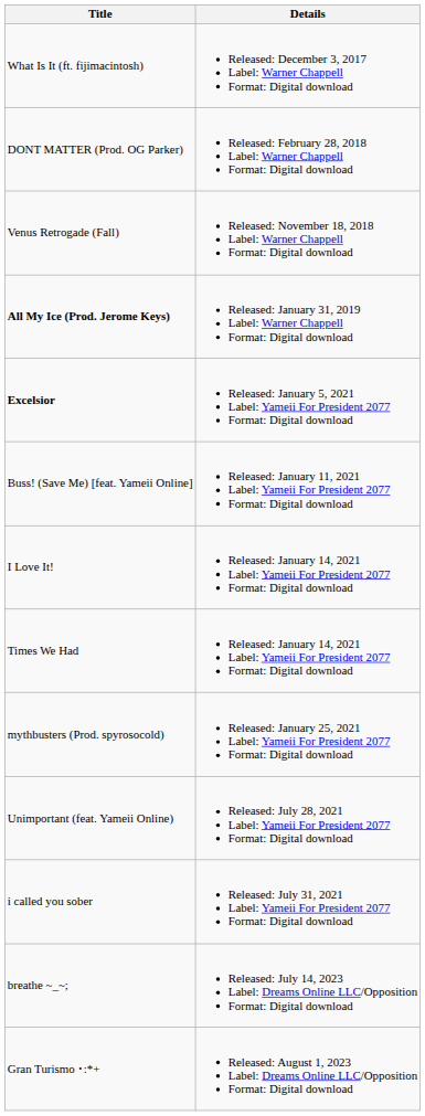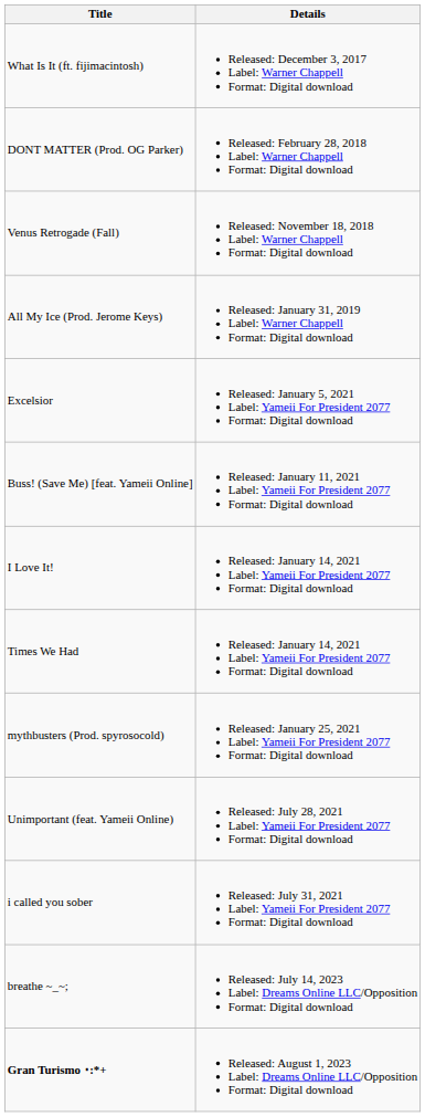 <table class="wikitable">
 <tr>
 <th>Title</th>
 <th>Details</th>
 </tr>
 <tr>
 <td>What Is It (ft. fijimacintosh)</td>
 <td><br><ul><li>Released: December 3, 2017</li><li>Label: <a href='#'>Warner Chappell</a></li><li>Format: Digital download</li></ul></td>
 </tr>
 <tr>
 <td>DONT MATTER (Prod. OG Parker)</td>
 <td><br><ul><li>Released: February 28, 2018</li><li>Label: <a href='#'>Warner Chappell</a></li><li>Format: Digital download</li></ul></td>
 </tr>
 <tr>
 <td>Venus Retrogade (Fall)</td>
 <td><br><ul><li>Released: November 18, 2018</li><li>Label: <a href='#'>Warner Chappell</a></li><li>Format: Digital download</li></ul></td>
 </tr>
 <tr>
-<td><strong>All My Ice (Prod. Jerome Keys)</strong></td>
+<td>All My Ice (Prod. Jerome Keys)</td>
 <td><br><ul><li>Released: January 31, 2019</li><li>Label: <a href='#'>Warner Chappell</a></li><li>Format: Digital download</li></ul></td>
 </tr>
 <tr>
-<td><strong>Excelsior</strong></td>
+<td>Excelsior</td>
 <td><br><ul><li>Released: January 5, 2021</li><li>Label: <a href='#'>Yameii For President 2077</a></li><li>Format: Digital download</li></ul></td>
 </tr>
 <tr>
 <td>Buss! (Save Me) [feat. Yameii Online]</td>
 <td><br><ul><li>Released: January 11, 2021</li><li>Label: <a href='#'>Yameii For President 2077</a></li><li>Format: Digital download</li></ul></td>
 </tr>
 <tr>
 <td>I Love It!</td>
 <td><br><ul><li>Released: January 14, 2021</li><li>Label: <a href='#'>Yameii For President 2077</a></li><li>Format: Digital download</li></ul></td>
 </tr>
 <tr>
 <td>Times We Had</td>
 <td><br><ul><li>Released: January 14, 2021</li><li>Label: <a href='#'>Yameii For President 2077</a></li><li>Format: Digital download</li></ul></td>
 </tr>
 <tr>
 <td>mythbusters (Prod. spyrosocold)</td>
 <td><br><ul><li>Released: January 25, 2021</li><li>Label: <a href='#'>Yameii For President 2077</a></li><li>Format: Digital download</li></ul></td>
 </tr>
 <tr>
 <td>Unimportant (feat. Yameii Online)</td>
 <td><br><ul><li>Released: July 28, 2021</li><li>Label: <a href='#'>Yameii For President 2077</a></li><li>Format: Digital download</li></ul></td>
 </tr>
 <tr>
 <td>i called you sober</td>
 <td><br><ul><li>Released: July 31, 2021</li><li>Label: <a href='#'>Yameii For President 2077</a></li><li>Format: Digital download</li></ul></td>
 </tr>
 <tr>
 <td>breathe ~_~;</td>
 <td><br><ul><li>Released: July 14, 2023</li><li>Label: <a href='#'>Dreams Online LLC</a>/Opposition</li><li>Format: Digital download</li></ul></td>
 </tr>
 <tr>
-<td>Gran Turismo ･:*+</td>
+<td><strong>Gran Turismo ･:*+</strong></td>
 <td><br><ul><li>Released: August 1, 2023</li><li>Label: <a href='#'>Dreams Online LLC</a>/Opposition</li><li>Format: Digital download</li></ul></td>
 </tr>
 </table>
